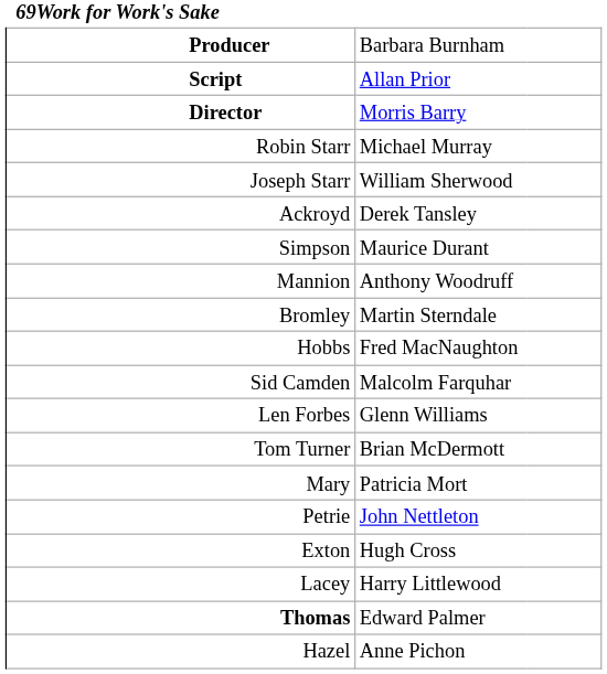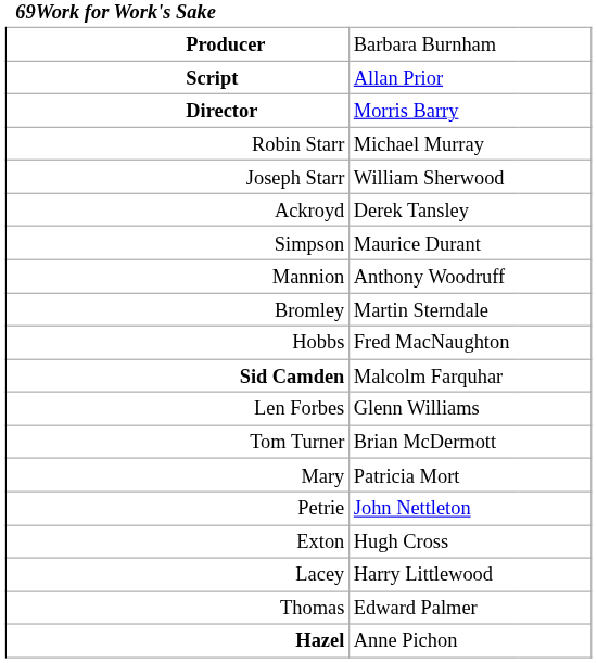 <table class="wikitable mw-collapsible mw-collapsed" style="vertical-align:top;margin:auto 2em;line-height:1.2;min-width:33em;display: inline-table;background-color:inherit;border:none;">
 <tr>
 <td class=unsortable style="border:hidden;line-height:1.67;text-align:center;margin-left:-1em;padding-left:0.5em;min-width:1.0em;"></td>
 <td class=unsortable style="border:none;padding-left:0.5em;text-align:left;min-width:16.5em;font-weight:700;font-style:italic;">69Work for Work's Sake</td>
 <td class=unsortable style="border:none;text-align:right;font-weight:normal;font-family:Courier;font-size:95%;letter-spacing:-1pt;min-width:8.5em;padding-right:0.2em;"></td>
 <td class=unsortable style="border:hidden;min-width:3.5em;padding-left:0;"></td>
 <td class=unsortable style="border:hidden;min-width:3.5em;font-size:95%;"></td>
 </tr>
 <tr>
 <td rowspan=100 style="border:none thin;border-right-style :solid;"></td>
 </tr>
 <tr>
 <td style="text-align:left;padding-left:9.0em;font-weight:bold;">Producer</td>
 <td colspan=2>Barbara Burnham</td>
 </tr>
 <tr>
 <td style="text-align:left;padding-left:9.0em;font-weight:bold;">Script</td>
 <td colspan=2><a href='#'>Allan Prior</a></td>
 </tr>
 <tr>
 <td style="text-align:left;padding-left:9.0em;font-weight:bold;">Director</td>
 <td colspan=2><a href='#'>Morris Barry</a></td>
 </tr>
 <tr>
 <td style="text-align:right;">Robin Starr</td>
 <td colspan=2>Michael Murray</td>
 </tr>
 <tr>
 <td style="text-align:right;">Joseph Starr</td>
 <td colspan=2>William Sherwood</td>
 </tr>
 <tr>
 <td style="text-align:right;">Ackroyd</td>
 <td colspan=2>Derek Tansley</td>
 </tr>
 <tr>
 <td style="text-align:right;">Simpson</td>
 <td colspan=2>Maurice Durant</td>
 </tr>
 <tr>
 <td style="text-align:right;">Mannion</td>
 <td colspan=2>Anthony Woodruff</td>
 </tr>
 <tr>
 <td style="text-align:right;">Bromley</td>
 <td colspan=2>Martin Sterndale</td>
 </tr>
 <tr>
 <td style="text-align:right;">Hobbs</td>
 <td colspan=2>Fred MacNaughton</td>
 </tr>
 <tr>
-<td style="text-align:right;">Sid Camden</td>
+<td style="text-align:right;"><strong>Sid Camden</strong></td>
 <td colspan=2>Malcolm Farquhar</td>
 </tr>
 <tr>
 <td style="text-align:right;">Len Forbes</td>
 <td colspan=2>Glenn Williams</td>
 </tr>
 <tr>
 <td style="text-align:right;">Tom Turner</td>
 <td colspan=2>Brian McDermott</td>
 </tr>
 <tr>
 <td style="text-align:right;">Mary</td>
 <td colspan=2>Patricia Mort</td>
 </tr>
 <tr>
 <td style="text-align:right;">Petrie</td>
 <td colspan=2><a href='#'>John Nettleton</a></td>
 </tr>
 <tr>
 <td style="text-align:right;">Exton</td>
 <td colspan=2>Hugh Cross</td>
 </tr>
 <tr>
 <td style="text-align:right;">Lacey</td>
 <td colspan=2>Harry Littlewood</td>
 </tr>
 <tr>
-<td style="text-align:right;"><strong>Thomas</strong></td>
+<td style="text-align:right;">Thomas</td>
 <td colspan=2>Edward Palmer</td>
 </tr>
 <tr>
-<td style="text-align:right;">Hazel</td>
+<td style="text-align:right;"><strong>Hazel</strong></td>
 <td colspan=2>Anne Pichon</td>
 </tr>
 </table>
